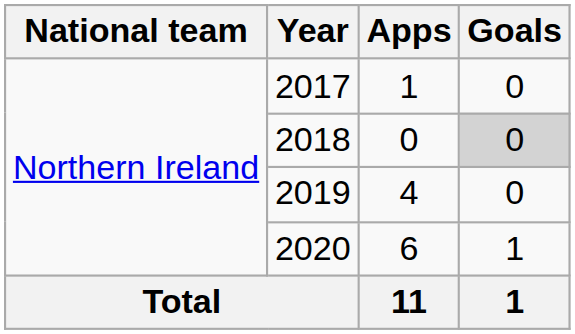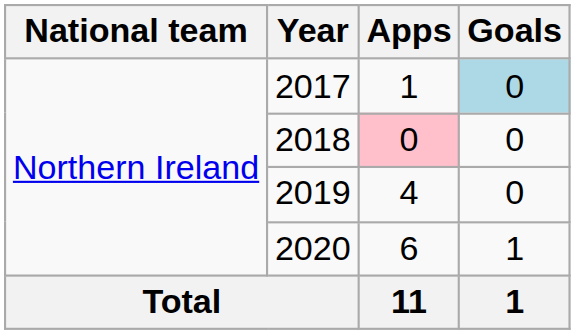 <table class="wikitable" style="text-align: center;">
 <tr>
 <th>National team</th>
 <th>Year</th>
 <th>Apps</th>
 <th>Goals</th>
 </tr>
 <tr>
 <td rowspan="4"><a href='#'>Northern Ireland</a></td>
 <td>2017</td>
 <td>1</td>
-<td>0</td>
+<td style="background: lightblue;">0</td>
 </tr>
 <tr>
 <td>2018</td>
+<td style="background: pink;">0</td>
 <td>0</td>
-<td style="background: lightgrey;">0</td>
 </tr>
 <tr>
 <td>2019</td>
 <td>4</td>
 <td>0</td>
 </tr>
 <tr>
 <td>2020</td>
 <td>6</td>
 <td>1</td>
 </tr>
 <tr>
 <th colspan="2">Total</th>
 <th>11</th>
 <th>1</th>
 </tr>
 </table>
